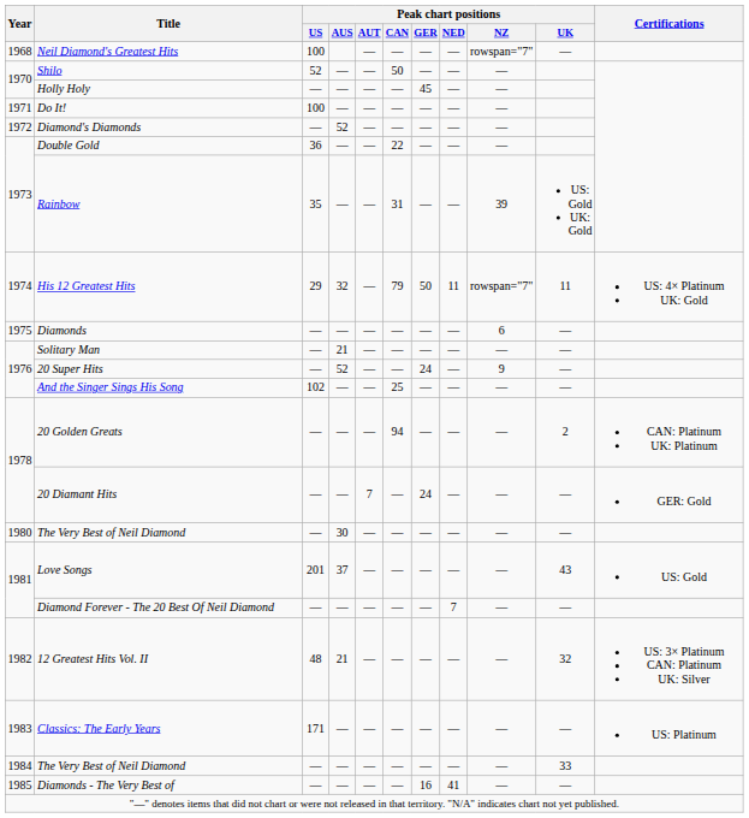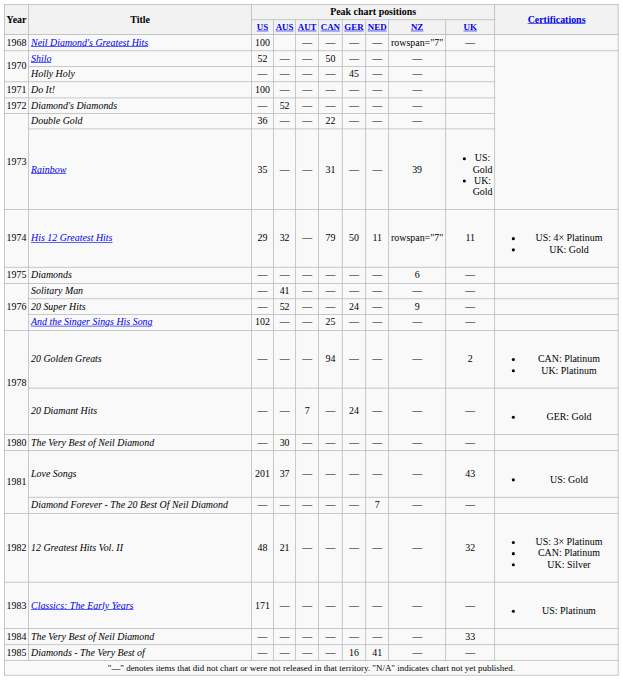 <table class="wikitable plainrowheaders" style="text-align:center;">
 <tr>
 <th scope="col" rowspan="2" style="width:2em;">Year</th>
 <th scope="col" rowspan="2" style="width:22em;">Title</th>
 <th scope="col" colspan="8">Peak chart positions</th>
 <th scope="col" rowspan="2" style="width:12em;"><a href='#'>Certifications</a></th>
 </tr>
 <tr>
 <th style="width:2em;font-size:90%;"><a href='#'>US</a><br></th>
 <th style="width:2em;font-size:90%;"><a href='#'>AUS</a><br></th>
 <th style="width:2em;font-size:90%;"><a href='#'>AUT</a><br></th>
 <th style="width:2em;font-size:90%;"><a href='#'>CAN</a><br></th>
 <th style="width:2em;font-size:90%;"><a href='#'>GER</a><br></th>
 <th style="width:2em;font-size:90%;"><a href='#'>NED</a><br></th>
 <th style="width:2em;font-size:90%;"><a href='#'>NZ</a><br></th>
 <th style="width:2em;font-size:90%;"><a href='#'>UK</a><br></th>
 </tr>
 <tr>
 <td>1968</td>
 <td style="text-align:left;"><em><a href='#'>Neil Diamond's Greatest Hits</a></em></td>
 <td>100</td>
 <td></td>
 <td>—</td>
 <td>—</td>
 <td>—</td>
 <td>—</td>
 <td>rowspan="7" </td>
 <td>—</td>
 <td></td>
 </tr>
 <tr>
 <td rowspan="2">1970</td>
 <td style="text-align:left;"><em><a href='#'>Shilo</a></em></td>
 <td>52</td>
 <td>—</td>
 <td>—</td>
 <td>50</td>
 <td>—</td>
 <td>—</td>
 <td>—</td>
 <td></td>
 </tr>
 <tr>
 <td style="text-align:left;"><em>Holly Holy</em></td>
 <td>—</td>
 <td>—</td>
 <td>—</td>
 <td>—</td>
 <td>45</td>
 <td>—</td>
 <td>—</td>
 <td></td>
 </tr>
 <tr>
 <td>1971</td>
 <td style="text-align:left;"><em>Do It!</em></td>
 <td>100</td>
 <td>—</td>
 <td>—</td>
 <td>—</td>
 <td>—</td>
 <td>—</td>
 <td>—</td>
 <td></td>
 </tr>
 <tr>
 <td>1972</td>
 <td style="text-align:left;"><em>Diamond's Diamonds</em></td>
 <td>—</td>
 <td>52</td>
 <td>—</td>
 <td>—</td>
 <td>—</td>
 <td>—</td>
 <td>—</td>
 <td></td>
 </tr>
 <tr>
 <td rowspan="2">1973</td>
 <td style="text-align:left;"><em>Double Gold</em></td>
 <td>36</td>
 <td>—</td>
 <td>—</td>
 <td>22</td>
 <td>—</td>
 <td>—</td>
 <td>—</td>
 <td></td>
 </tr>
 <tr>
 <td style="text-align:left;"><em><a href='#'>Rainbow</a></em></td>
 <td>35</td>
 <td>—</td>
 <td>—</td>
 <td>31</td>
 <td>—</td>
 <td>—</td>
 <td>39</td>
 <td><br><ul><li>US: Gold</li><li>UK: Gold</li></ul></td>
 </tr>
 <tr>
 <td>1974</td>
 <td style="text-align:left;"><em><a href='#'>His 12 Greatest Hits</a></em></td>
 <td>29</td>
 <td>32</td>
 <td>—</td>
 <td>79</td>
 <td>50</td>
 <td>11</td>
 <td>rowspan="7" </td>
 <td>11</td>
 <td><br><ul><li>US: 4× Platinum</li><li>UK: Gold</li></ul></td>
 </tr>
 <tr>
 <td>1975</td>
 <td style="text-align:left;"><em>Diamonds</em></td>
 <td>—</td>
 <td>—</td>
 <td>—</td>
 <td>—</td>
 <td>—</td>
 <td>—</td>
 <td>6</td>
 <td>—</td>
 <td></td>
 </tr>
 <tr>
 <td rowspan="3">1976</td>
 <td style="text-align:left;"><em>Solitary Man</em></td>
 <td>—</td>
-<td>21</td>
+<td>41</td>
 <td>—</td>
 <td>—</td>
 <td>—</td>
 <td>—</td>
 <td>—</td>
 <td>—</td>
 <td></td>
 </tr>
 <tr>
 <td style="text-align:left;"><em>20 Super Hits</em></td>
 <td>—</td>
 <td>52</td>
 <td>—</td>
 <td>—</td>
 <td>24</td>
 <td>—</td>
 <td>9</td>
 <td>—</td>
 <td></td>
 </tr>
 <tr>
 <td style="text-align:left;"><em><a href='#'>And the Singer Sings His Song</a></em></td>
 <td>102</td>
 <td>—</td>
 <td>—</td>
 <td>25</td>
 <td>—</td>
 <td>—</td>
 <td>—</td>
 <td>—</td>
 <td></td>
 </tr>
 <tr>
 <td rowspan="2">1978</td>
 <td style="text-align:left;"><em>20 Golden Greats</em></td>
 <td>—</td>
 <td>—</td>
 <td>—</td>
 <td>94</td>
 <td>—</td>
 <td>—</td>
 <td>—</td>
 <td>2</td>
 <td><br><ul><li>CAN: Platinum</li><li>UK: Platinum</li></ul></td>
 </tr>
 <tr>
 <td style="text-align:left;"><em>20 Diamant Hits</em></td>
 <td>—</td>
 <td>—</td>
 <td>7</td>
 <td>—</td>
 <td>24</td>
 <td>—</td>
 <td>—</td>
 <td>—</td>
 <td><br><ul><li>GER: Gold</li></ul></td>
 </tr>
 <tr>
 <td>1980</td>
 <td style="text-align:left;"><em>The Very Best of Neil Diamond</em></td>
 <td>—</td>
 <td>30</td>
 <td>—</td>
 <td>—</td>
 <td>—</td>
 <td>—</td>
 <td>—</td>
 <td>—</td>
 <td></td>
 </tr>
 <tr>
 <td rowspan="2">1981</td>
 <td style="text-align:left;"><em>Love Songs</em></td>
 <td>201</td>
 <td>37</td>
 <td>—</td>
 <td>—</td>
 <td>—</td>
 <td>—</td>
 <td>—</td>
 <td>43</td>
 <td><br><ul><li>US: Gold</li></ul></td>
 </tr>
 <tr>
 <td style="text-align:left;"><em>Diamond Forever - The 20 Best Of Neil Diamond</em></td>
 <td>—</td>
 <td>—</td>
 <td>—</td>
 <td>—</td>
 <td>—</td>
 <td>7</td>
 <td>—</td>
 <td>—</td>
 <td></td>
 </tr>
 <tr>
 <td>1982</td>
 <td style="text-align:left;"><em>12 Greatest Hits Vol. II</em></td>
 <td>48</td>
 <td>21</td>
 <td>—</td>
 <td>—</td>
 <td>—</td>
 <td>—</td>
 <td>—</td>
 <td>32</td>
 <td><br><ul><li>US: 3× Platinum</li><li>CAN: Platinum</li><li>UK: Silver</li></ul></td>
 </tr>
 <tr>
 <td>1983</td>
 <td style="text-align:left;"><em><a href='#'>Classics: The Early Years</a></em></td>
 <td>171</td>
 <td>—</td>
 <td>—</td>
 <td>—</td>
 <td>—</td>
 <td>—</td>
 <td>—</td>
 <td>—</td>
 <td><br><ul><li>US: Platinum</li></ul></td>
 </tr>
 <tr>
 <td>1984</td>
 <td style="text-align:left;"><em>The Very Best of Neil Diamond</em></td>
 <td>—</td>
 <td>—</td>
 <td>—</td>
 <td>—</td>
 <td>—</td>
 <td>—</td>
 <td>—</td>
 <td>33</td>
 <td></td>
 </tr>
 <tr>
 <td>1985</td>
 <td style="text-align:left;"><em>Diamonds - The Very Best of</em></td>
 <td>—</td>
 <td>—</td>
 <td>—</td>
 <td>—</td>
 <td>16</td>
 <td>41</td>
 <td>—</td>
 <td>—</td>
 <td></td>
 </tr>
 <tr>
 <td align="center" colspan="15" style="font-size:90%">"—" denotes items that did not chart or were not released in that territory. "N/A" indicates chart not yet published.</td>
 </tr>
 </table>
